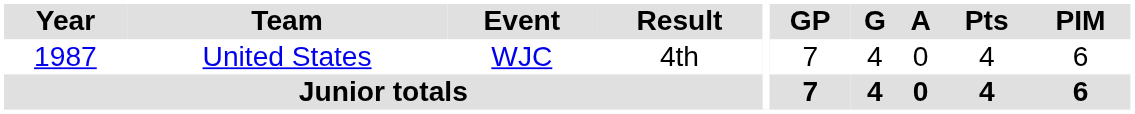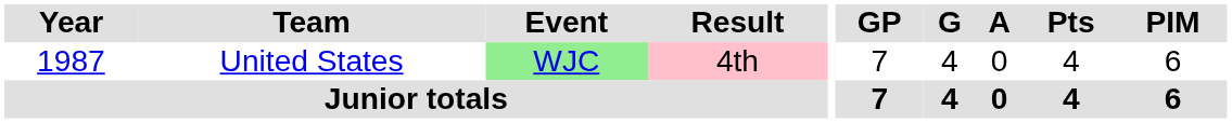 <table border="0" cellpadding="1" cellspacing="0" ID="Table3" style="text-align:center; width:40em">
 <tr ALIGN="center" bgcolor="#e0e0e0">
 <th>Year</th>
 <th>Team</th>
 <th>Event</th>
 <th>Result</th>
 <th rowspan="99" bgcolor="#ffffff"></th>
 <th>GP</th>
 <th>G</th>
 <th>A</th>
 <th>Pts</th>
 <th>PIM</th>
 </tr>
 <tr>
 <td><a href='#'>1987</a></td>
 <td><a href='#'>United States</a></td>
-<td><a href='#'>WJC</a></td>
-<td>4th</td>
+<td style="background: lightgreen;"><a href='#'>WJC</a></td>
+<td style="background: pink;">4th</td>
 <td>7</td>
 <td>4</td>
 <td>0</td>
 <td>4</td>
 <td>6</td>
 </tr>
 <tr bgcolor="#e0e0e0">
 <th colspan="4">Junior totals</th>
 <th>7</th>
 <th>4</th>
 <th>0</th>
 <th>4</th>
 <th>6</th>
 </tr>
 </table>
